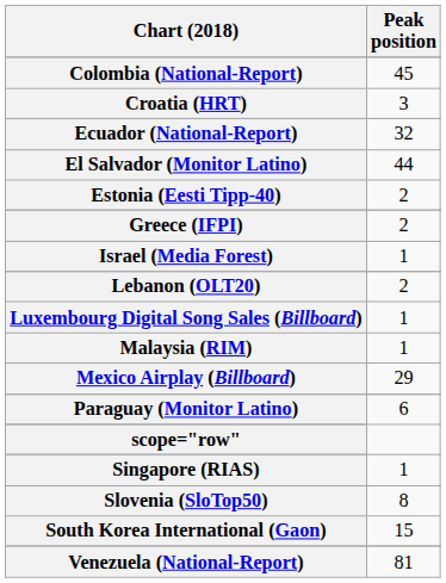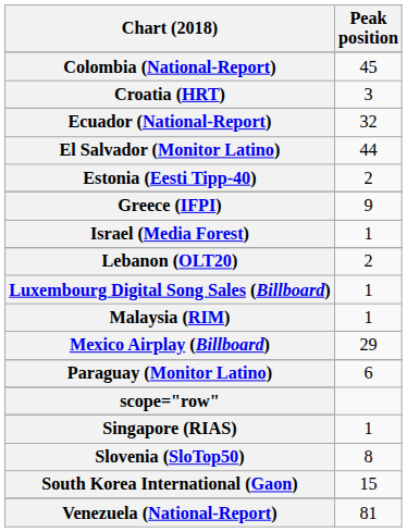 <table class="wikitable sortable plainrowheaders" style="text-align:center">
 <tr>
 <th scope="col">Chart (2018)</th>
 <th scope="col">Peak<br> position</th>
 </tr>
 <tr>
 </tr>
 <tr>
 </tr>
 <tr>
 </tr>
 <tr>
 </tr>
 <tr>
 </tr>
 <tr>
 </tr>
 <tr>
 </tr>
 <tr>
 </tr>
 <tr>
 <th scope="row">Colombia (<a href='#'>National-Report</a>)</th>
 <td>45</td>
 </tr>
 <tr>
 <th scope="row">Croatia (<a href='#'>HRT</a>)</th>
 <td>3</td>
 </tr>
 <tr>
 </tr>
 <tr>
 </tr>
 <tr>
 </tr>
 <tr>
 </tr>
 <tr>
 <th scope="row">Ecuador (<a href='#'>National-Report</a>)</th>
 <td>32</td>
 </tr>
 <tr>
 <th scope="row">El Salvador (<a href='#'>Monitor Latino</a>)</th>
 <td>44</td>
 </tr>
 <tr>
 <th scope="row">Estonia (<a href='#'>Eesti Tipp-40</a>)</th>
 <td>2</td>
 </tr>
 <tr>
 </tr>
 <tr>
 </tr>
 <tr>
 </tr>
 <tr>
 </tr>
 <tr>
 <th scope="row">Greece (<a href='#'>IFPI</a>)</th>
-<td>2</td>
+<td>9</td>
 </tr>
 <tr>
 </tr>
 <tr>
 </tr>
 <tr>
 </tr>
 <tr>
 </tr>
 <tr>
 </tr>
 <tr>
 <th scope="row">Israel (<a href='#'>Media Forest</a>)</th>
 <td>1</td>
 </tr>
 <tr>
 </tr>
 <tr>
 </tr>
 <tr>
 <th scope="row">Lebanon (<a href='#'>OLT20</a>)</th>
 <td>2</td>
 </tr>
 <tr>
 <th scope="row"><a href='#'>Luxembourg Digital Song Sales</a> (<em><a href='#'>Billboard</a></em>)</th>
 <td>1</td>
 </tr>
 <tr>
 <th scope="row">Malaysia (<a href='#'>RIM</a>)</th>
 <td>1</td>
 </tr>
 <tr>
 <th scope="row"><a href='#'>Mexico Airplay</a> (<em><a href='#'>Billboard</a></em>)</th>
 <td>29</td>
 </tr>
 <tr>
 </tr>
 <tr>
 </tr>
 <tr>
 </tr>
 <tr>
 </tr>
 <tr>
 <th scope="row">Paraguay (<a href='#'>Monitor Latino</a>)</th>
 <td>6</td>
 </tr>
 <tr>
 </tr>
 <tr>
 </tr>
 <tr>
 <th>scope="row"</th>
 </tr>
 <tr>
 </tr>
 <tr>
 </tr>
 <tr>
 <th scope="row">Singapore (RIAS)</th>
 <td>1</td>
 </tr>
 <tr>
 </tr>
 <tr>
 </tr>
 <tr>
 <th scope="row">Slovenia (<a href='#'>SloTop50</a>)</th>
 <td>8</td>
 </tr>
 <tr>
 <th scope="row">South Korea International (<a href='#'>Gaon</a>)</th>
 <td>15</td>
 </tr>
 <tr>
 </tr>
 <tr>
 </tr>
 <tr>
 </tr>
 <tr>
 </tr>
 <tr>
 </tr>
 <tr>
 </tr>
 <tr>
 </tr>
 <tr>
 </tr>
 <tr>
 </tr>
 <tr>
 </tr>
 <tr>
 </tr>
 <tr>
 <th scope="row">Venezuela (<a href='#'>National-Report</a>)</th>
 <td>81</td>
 </tr>
 </table>
